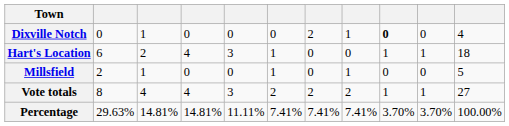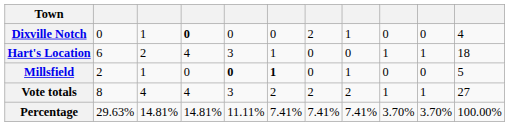 <table class="wikitable sortable" style=margin:auto;margin:auto>
 <tr valign=bottom>
 <th>Town</th>
 <th></th>
 <th></th>
 <th></th>
 <th></th>
 <th></th>
 <th></th>
 <th></th>
 <th></th>
 <th></th>
 <th></th>
 </tr>
 <tr>
 <th><a href='#'>Dixville Notch</a></th>
 <td>0</td>
 <td>1</td>
-<td>0</td>
+<td><strong>0</strong></td>
 <td>0</td>
 <td>0</td>
 <td>2</td>
 <td>1</td>
-<td><strong>0</strong></td>
+<td>0</td>
 <td>0</td>
 <td>4</td>
 </tr>
 <tr>
 <th><a href='#'>Hart's Location</a></th>
 <td>6</td>
 <td>2</td>
 <td>4</td>
 <td>3</td>
 <td>1</td>
 <td>0</td>
 <td>0</td>
 <td>1</td>
 <td>1</td>
 <td>18</td>
 </tr>
 <tr>
 <th><a href='#'>Millsfield</a></th>
 <td>2</td>
 <td>1</td>
 <td>0</td>
-<td>0</td>
-<td>1</td>
+<td><strong>0</strong></td>
+<td><strong>1</strong></td>
 <td>0</td>
 <td>1</td>
 <td>0</td>
 <td>0</td>
 <td>5</td>
 </tr>
 <tr>
 <th>Vote totals</th>
 <td>8</td>
 <td>4</td>
 <td>4</td>
 <td>3</td>
 <td>2</td>
 <td>2</td>
 <td>2</td>
 <td>1</td>
 <td>1</td>
 <td>27</td>
 </tr>
 <tr>
 <th>Percentage</th>
 <td>29.63%</td>
 <td>14.81%</td>
 <td>14.81%</td>
 <td>11.11%</td>
 <td>7.41%</td>
 <td>7.41%</td>
 <td>7.41%</td>
 <td>3.70%</td>
 <td>3.70%</td>
 <td>100.00%</td>
 </tr>
 </table>
